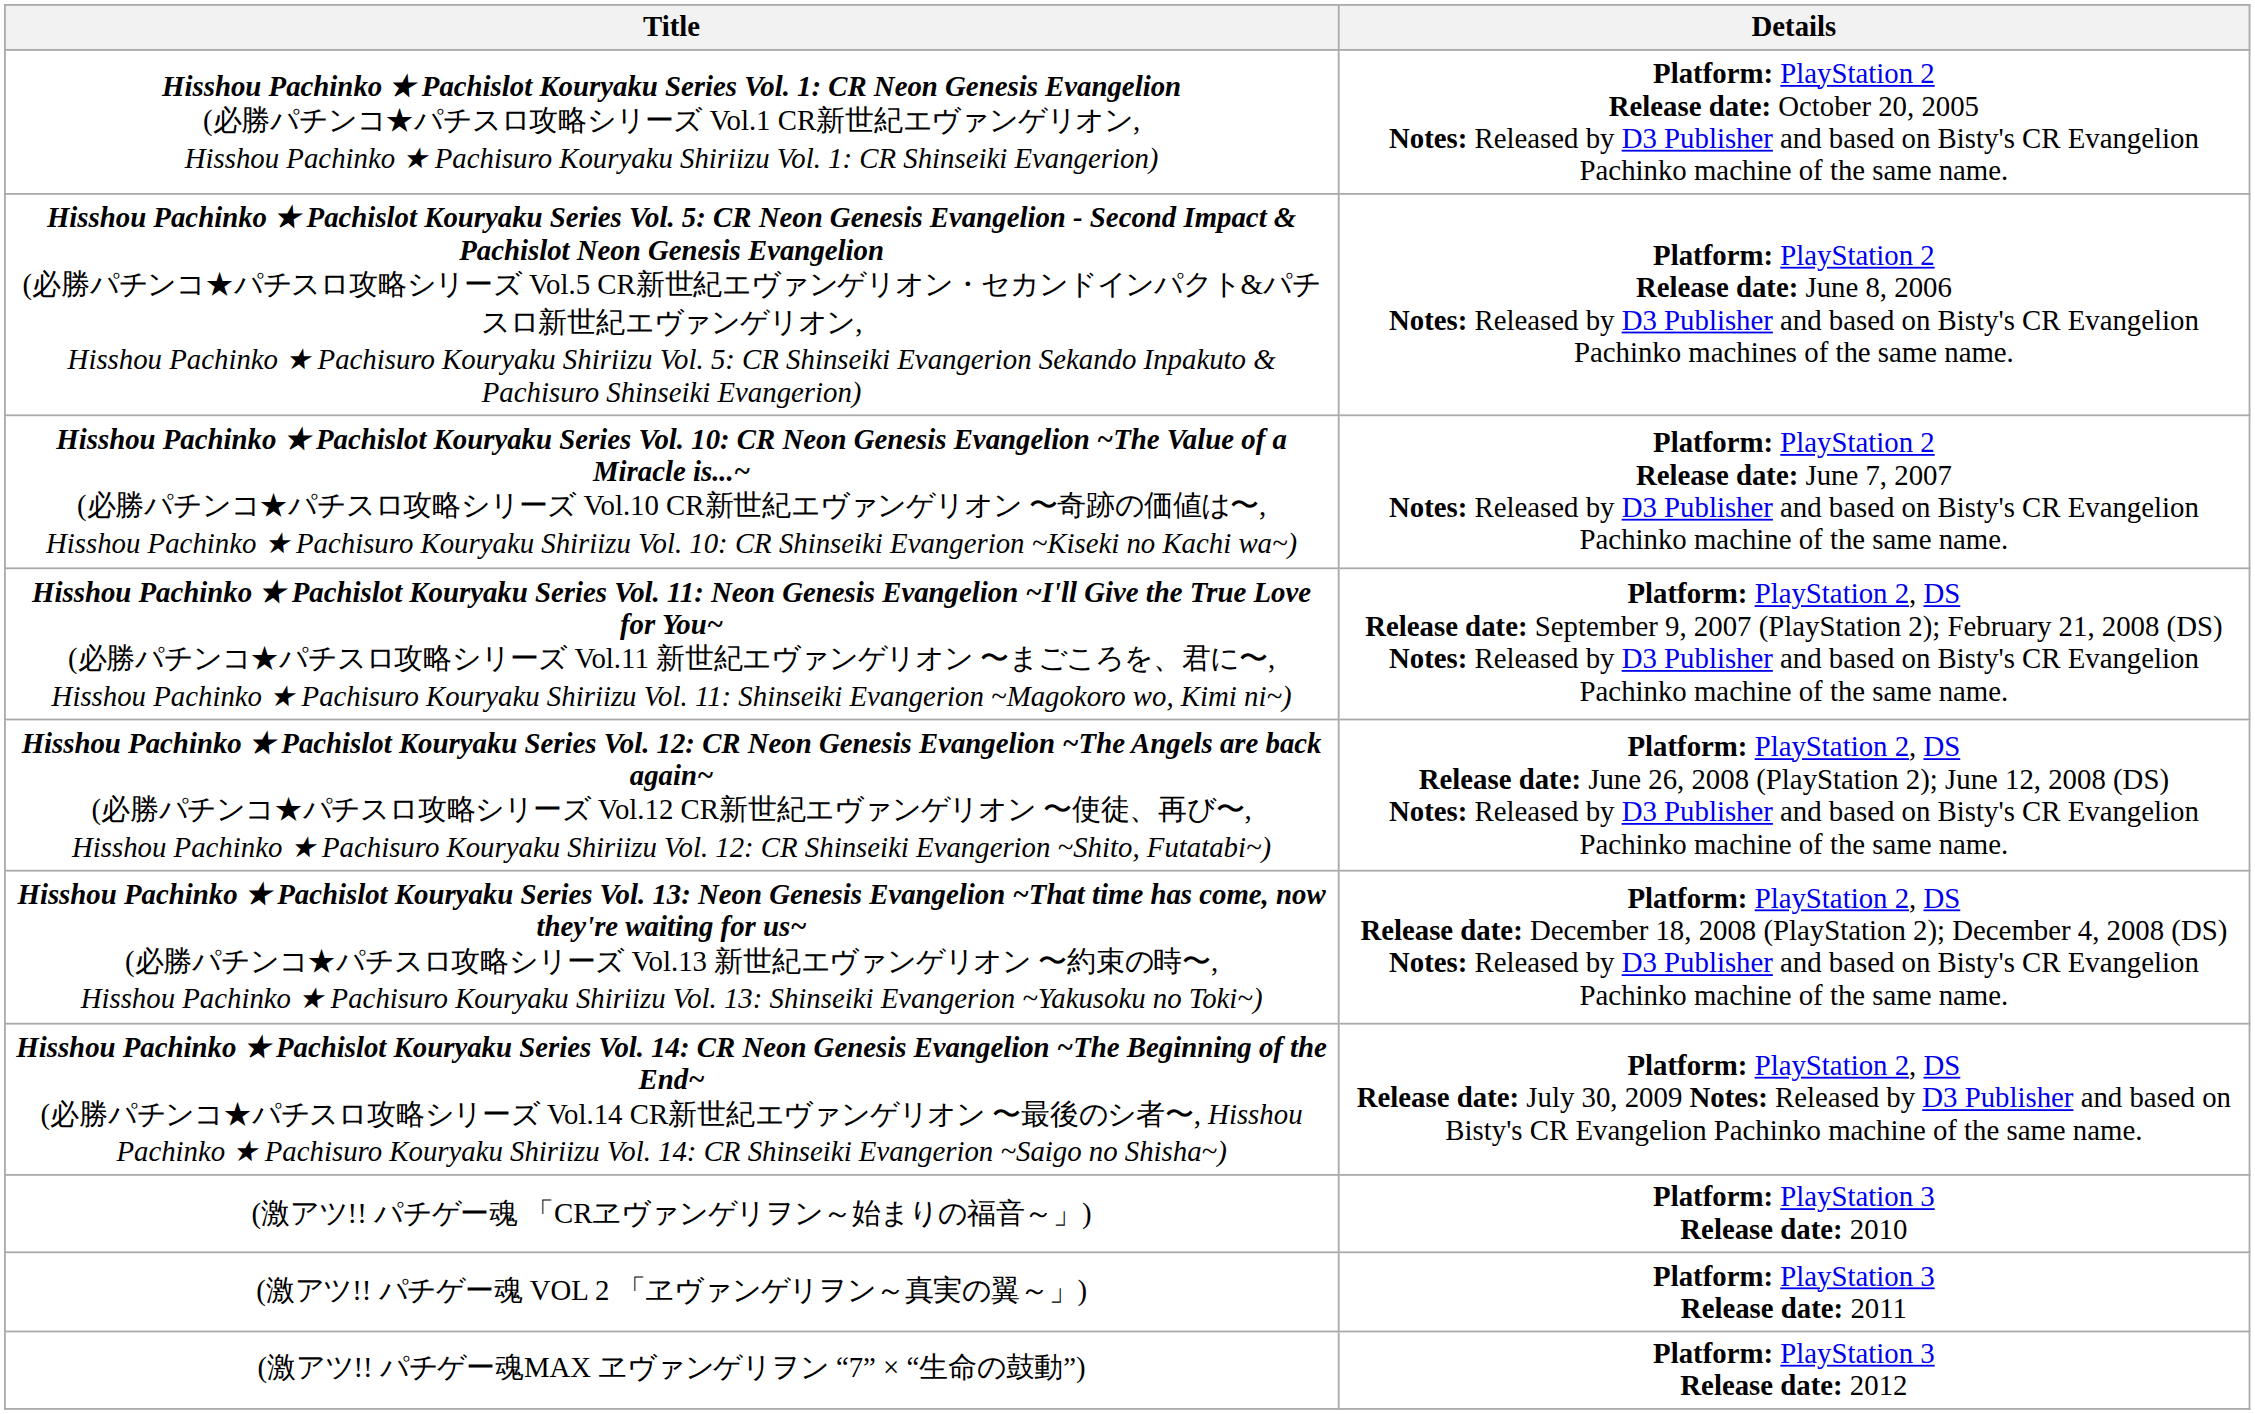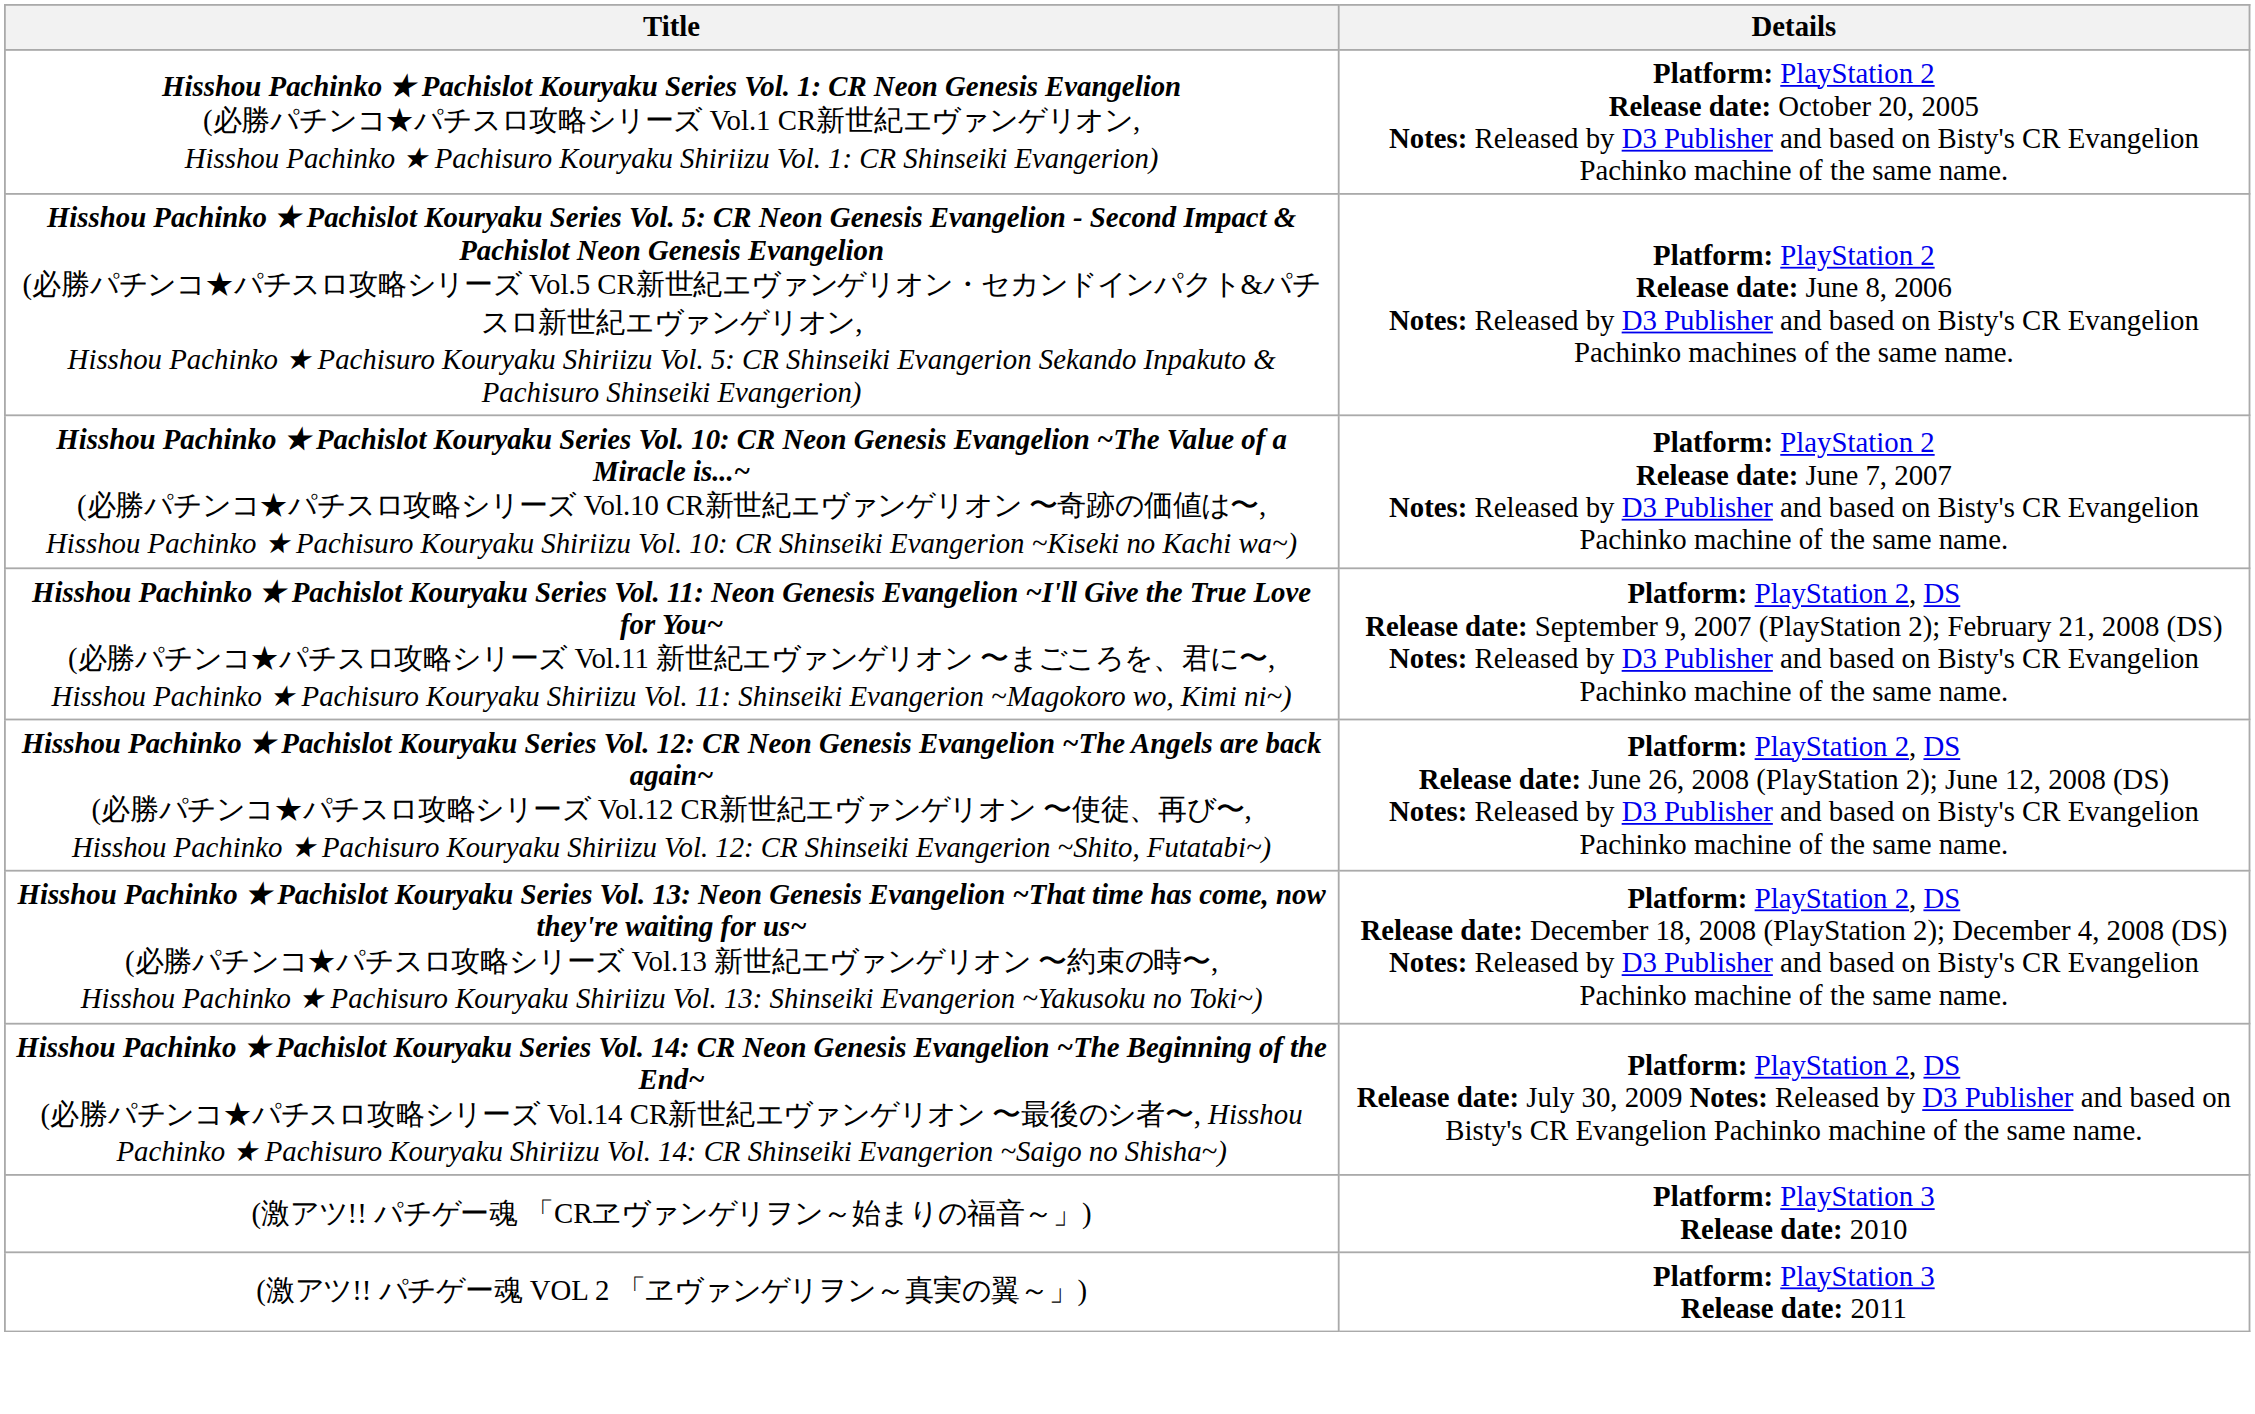 <table class="wikitable">
 <tr>
 <th>Title</th>
 <th>Details</th>
 </tr>
 <tr style="background:#ffffff; text-align:center;">
 <td><strong><em>Hisshou Pachinko ★ Pachislot Kouryaku Series Vol. 1: CR Neon Genesis Evangelion</em></strong><br>(必勝パチンコ★パチスロ攻略シリーズ Vol.1 CR新世紀エヴァンゲリオン,<br><em>Hisshou Pachinko ★ Pachisuro Kouryaku</em> <em>Shiriizu Vol. 1: CR Shinseiki Evangerion)</em></td>
 <td><strong>Platform:</strong> <a href='#'>PlayStation 2</a><br><strong>Release date:</strong> October 20, 2005<br><strong>Notes:</strong> Released by <a href='#'>D3 Publisher</a> and based on Bisty's CR Evangelion Pachinko machine of the same name.</td>
 </tr>
 <tr style="background:#ffffff; text-align:center;">
 <td><strong><em>Hisshou Pachinko ★ Pachislot Kouryaku Series Vol. 5: CR Neon Genesis Evangelion - Second Impact & Pachislot Neon Genesis Evangelion</em></strong><br>(必勝パチンコ★パチスロ攻略シリーズ Vol.5 CR新世紀エヴァンゲリオン・セカンドインパクト&パチスロ新世紀エヴァンゲリオン,<br><em>Hisshou Pachinko ★ Pachisuro Kouryaku</em> <em>Shiriizu Vol. 5: CR Shinseiki Evangerion Sekando Inpakuto & Pachisuro Shinseiki Evangerion)</em></td>
 <td><strong>Platform:</strong> <a href='#'>PlayStation 2</a><br><strong>Release date:</strong> June 8, 2006<br><strong>Notes:</strong> Released by <a href='#'>D3 Publisher</a> and based on Bisty's CR Evangelion Pachinko machines of the same name.</td>
 </tr>
 <tr style="background:#ffffff; text-align:center;">
 <td><strong><em>Hisshou Pachinko ★ Pachislot Kouryaku Series Vol. 10: CR Neon Genesis Evangelion ~The Value of a Miracle is...~</em></strong><br>(必勝パチンコ★パチスロ攻略シリーズ Vol.10 CR新世紀エヴァンゲリオン 〜奇跡の価値は〜,<br><em>Hisshou Pachinko ★ Pachisuro Kouryaku</em> <em>Shiriizu Vol. 10: CR Shinseiki Evangerion ~Kiseki no Kachi wa~)</em></td>
 <td><strong>Platform:</strong> <a href='#'>PlayStation 2</a><br><strong>Release date:</strong> June 7, 2007<br><strong>Notes:</strong> Released by <a href='#'>D3 Publisher</a> and based on Bisty's CR Evangelion Pachinko machine of the same name.</td>
 </tr>
 <tr style="background:#ffffff; text-align:center;">
 <td><strong><em>Hisshou Pachinko ★ Pachislot Kouryaku Series Vol. 11: Neon Genesis Evangelion ~I'll Give the True Love for You~</em></strong><br>(必勝パチンコ★パチスロ攻略シリーズ Vol.11 新世紀エヴァンゲリオン 〜まごころを、君に〜,<br><em>Hisshou Pachinko ★ Pachisuro Kouryaku</em> <em>Shiriizu Vol. 11: Shinseiki Evangerion ~Magokoro wo, Kimi ni~)</em></td>
 <td><strong>Platform:</strong> <a href='#'>PlayStation 2</a>, <a href='#'>DS</a><br><strong>Release date:</strong> September 9, 2007 (PlayStation 2); February 21, 2008 (DS)<br><strong>Notes:</strong> Released by <a href='#'>D3 Publisher</a> and based on Bisty's CR Evangelion Pachinko machine of the same name.</td>
 </tr>
 <tr style="background:#ffffff; text-align:center;">
 <td><strong><em>Hisshou Pachinko ★ Pachislot Kouryaku Series Vol. 12: CR Neon Genesis Evangelion ~The Angels are back again~</em></strong><br>(必勝パチンコ★パチスロ攻略シリーズ Vol.12 CR新世紀エヴァンゲリオン 〜使徒、再び〜,<br><em>Hisshou Pachinko ★ Pachisuro Kouryaku</em> <em>Shiriizu Vol. 12: CR Shinseiki Evangerion ~Shito, Futatabi~)</em></td>
 <td><strong>Platform:</strong> <a href='#'>PlayStation 2</a>, <a href='#'>DS</a><br><strong>Release date:</strong> June 26, 2008 (PlayStation 2); June 12, 2008 (DS)<br><strong>Notes:</strong> Released by <a href='#'>D3 Publisher</a> and based on Bisty's CR Evangelion Pachinko machine of the same name.</td>
 </tr>
 <tr style="background:#ffffff; text-align:center;">
 <td><strong><em>Hisshou Pachinko ★ Pachislot Kouryaku Series Vol. 13: Neon Genesis Evangelion ~That time has come, now they're waiting for us~</em></strong><br>(必勝パチンコ★パチスロ攻略シリーズ Vol.13 新世紀エヴァンゲリオン 〜約束の時〜,<br><em>Hisshou Pachinko ★ Pachisuro Kouryaku</em> <em>Shiriizu Vol. 13: Shinseiki Evangerion ~Yakusoku no Toki~)</em></td>
 <td><strong>Platform:</strong> <a href='#'>PlayStation 2</a>, <a href='#'>DS</a><br><strong>Release date:</strong> December 18, 2008 (PlayStation 2); December 4, 2008 (DS)<br><strong>Notes:</strong> Released by <a href='#'>D3 Publisher</a> and based on Bisty's CR Evangelion Pachinko machine of the same name.</td>
 </tr>
 <tr style="background:#ffffff; text-align:center;">
 <td><strong><em>Hisshou Pachinko ★ Pachislot Kouryaku Series Vol. 14: CR Neon Genesis Evangelion ~The Beginning of the End~</em></strong><br>(必勝パチンコ★パチスロ攻略シリーズ Vol.14 CR新世紀エヴァンゲリオン 〜最後のシ者〜, <em>Hisshou Pachinko ★ Pachisuro Kouryaku</em> <em>Shiriizu Vol. 14: CR Shinseiki Evangerion ~Saigo no Shisha~)</em></td>
 <td><strong>Platform:</strong> <a href='#'>PlayStation 2</a>, <a href='#'>DS</a><br><strong>Release date:</strong> July 30, 2009 <strong>Notes:</strong> Released by <a href='#'>D3 Publisher</a> and based on Bisty's CR Evangelion Pachinko machine of the same name.</td>
 </tr>
 <tr style="background:#ffffff; text-align:center;">
 <td>(激アツ!! パチゲー魂 「CRヱヴァンゲリヲン～始まりの福音～」)</td>
 <td><strong>Platform:</strong> <a href='#'>PlayStation 3</a><br><strong>Release date:</strong> 2010</td>
 </tr>
 <tr style="background:#ffffff; text-align:center;">
 <td>(激アツ!! パチゲー魂 VOL 2 「ヱヴァンゲリヲン～真実の翼～」)</td>
 <td><strong>Platform:</strong> <a href='#'>PlayStation 3</a><br><strong>Release date:</strong> 2011</td>
 </tr>
-<tr style="background:#ffffff; text-align:center;">
-<td>(激アツ!! パチゲー魂MAX ヱヴァンゲリヲン “7” × “生命の鼓動”)</td>
-<td><strong>Platform:</strong> <a href='#'>PlayStation 3</a><br><strong>Release date:</strong> 2012</td>
-</tr>
 </table>
